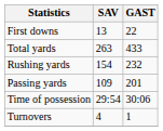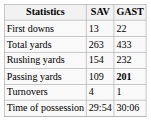 <table class="wikitable" style="float: left;">
 <tr>
 <th>Statistics</th>
 <th>SAV</th>
 <th>GAST</th>
 </tr>
 <tr>
 <td>First downs</td>
 <td>13</td>
 <td>22</td>
 </tr>
 <tr>
 <td>Total yards</td>
 <td>263</td>
 <td>433</td>
 </tr>
 <tr>
 <td>Rushing yards</td>
 <td>154</td>
 <td>232</td>
 </tr>
 <tr>
 <td>Passing yards</td>
 <td>109</td>
-<td>201</td>
+<td><strong>201</strong></td>
+</tr>
+<tr>
+<td>Turnovers</td>
+<td>4</td>
+<td>1</td>
 </tr>
 <tr>
 <td>Time of possession</td>
 <td>29:54</td>
 <td>30:06</td>
 </tr>
 <tr>
-<td>Turnovers</td>
-<td>4</td>
-<td>1</td>
-</tr>
-<tr>
 </tr>
 </table>
